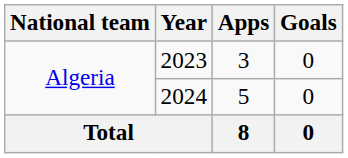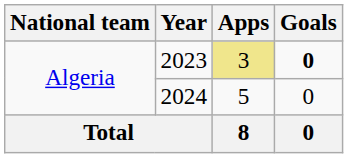 <table class="wikitable" style="text-align:center">
 <tr>
 <th>National team</th>
 <th>Year</th>
 <th>Apps</th>
 <th>Goals</th>
 </tr>
 <tr>
 <td rowspan="2"><a href='#'>Algeria</a></td>
 <td>2023</td>
-<td>3</td>
-<td>0</td>
+<td style="background: khaki;">3</td>
+<td><strong>0</strong></td>
 </tr>
 <tr>
 <td>2024</td>
 <td>5</td>
 <td>0</td>
 </tr>
 <tr>
 <th colspan="2">Total</th>
 <th>8</th>
 <th>0</th>
 </tr>
 </table>
